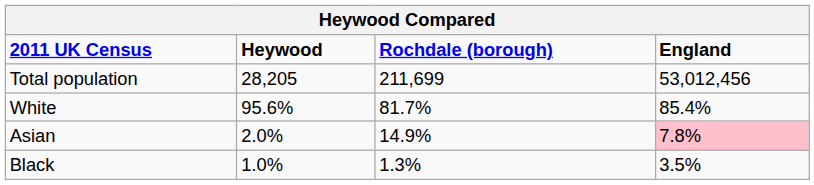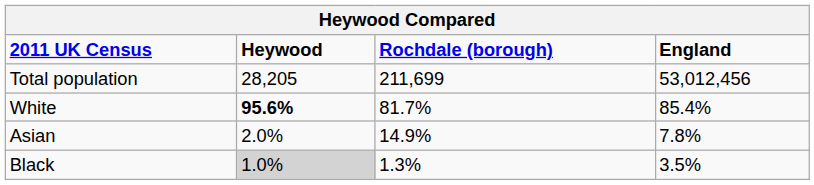 <table class="wikitable" style="float: right; margin-left: 2em; width: 40%; font-size: 90%;" cellspacing="3">
 <tr>
 <th colspan="4"><strong>Heywood Compared</strong></th>
 </tr>
 <tr>
 <td><strong><a href='#'>2011 UK Census</a></strong></td>
 <td><strong>Heywood</strong></td>
 <td><strong><a href='#'>Rochdale (borough)</a></strong></td>
 <td><strong>England</strong></td>
 </tr>
 <tr>
 <td>Total population</td>
 <td>28,205</td>
 <td>211,699</td>
 <td>53,012,456</td>
 </tr>
 <tr>
 <td>White</td>
-<td>95.6%</td>
+<td><strong>95.6%</strong></td>
 <td>81.7%</td>
 <td>85.4%</td>
 </tr>
 <tr>
 <td>Asian</td>
 <td>2.0%</td>
 <td>14.9%</td>
-<td style="background: pink;">7.8%</td>
+<td>7.8%</td>
 </tr>
 <tr>
 <td>Black</td>
-<td>1.0%</td>
+<td style="background: lightgrey;">1.0%</td>
 <td>1.3%</td>
 <td>3.5%</td>
 </tr>
 </table>
